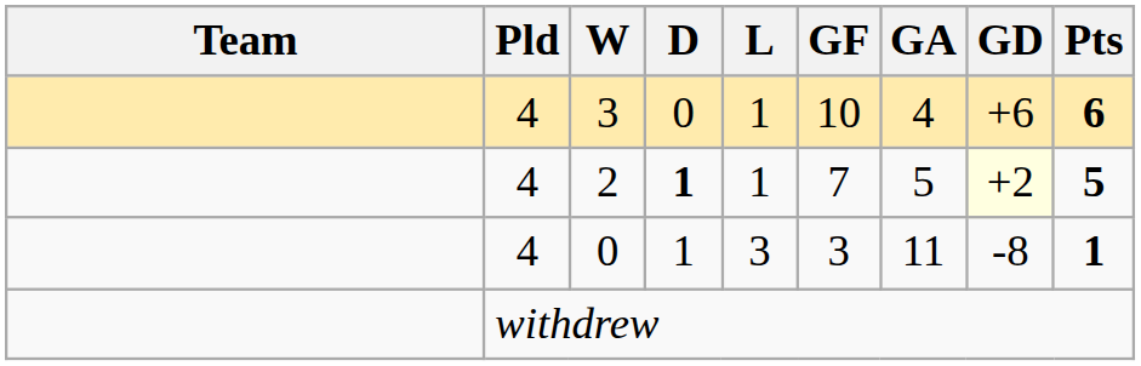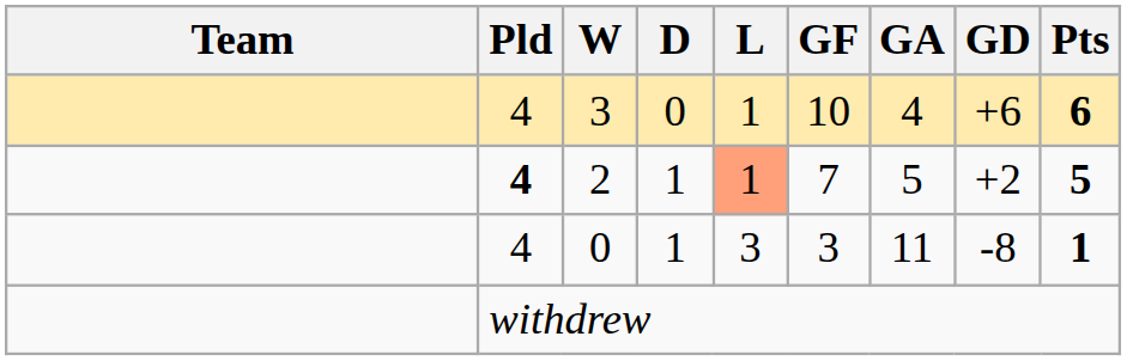 <table class="wikitable" style="text-align:center">
 <tr>
 <th width=165>Team</th>
 <th width=20>Pld</th>
 <th width=20>W</th>
 <th width=20>D</th>
 <th width=20>L</th>
 <th width=20>GF</th>
 <th width=20>GA</th>
 <th width=20>GD</th>
 <th width=20>Pts</th>
 </tr>
 <tr bgcolor="#ffebad">
 <td align="left"></td>
 <td>4</td>
 <td>3</td>
 <td>0</td>
 <td>1</td>
 <td>10</td>
 <td>4</td>
 <td>+6</td>
 <td><strong>6</strong></td>
 </tr>
 <tr>
 <td align="left"></td>
-<td>4</td>
+<td><strong>4</strong></td>
 <td>2</td>
-<td><strong>1</strong></td>
 <td>1</td>
+<td style="background: lightsalmon;">1</td>
 <td>7</td>
 <td>5</td>
-<td style="background: lightyellow;">+2</td>
+<td>+2</td>
 <td><strong>5</strong></td>
 </tr>
 <tr>
 <td align="left"></td>
 <td>4</td>
 <td>0</td>
 <td>1</td>
 <td>3</td>
 <td>3</td>
 <td>11</td>
 <td>-8</td>
 <td><strong>1</strong></td>
 </tr>
 <tr>
 <td align="left"></td>
 <td align="left" colspan="8"><em>withdrew</em></td>
 </tr>
 </table>
